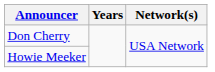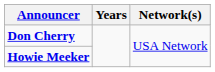 <table class="wikitable">
 <tr>
 <th><a href='#'>Announcer</a></th>
 <th>Years</th>
 <th>Network(s)</th>
 </tr>
 <tr>
-<td><a href='#'>Don Cherry</a></td>
+<td><strong><a href='#'>Don Cherry</a></strong></td>
 <td rowspan="2"></td>
 <td rowspan="2"><a href='#'>USA Network</a></td>
 </tr>
 <tr>
-<td><a href='#'>Howie Meeker</a></td>
+<td><strong><a href='#'>Howie Meeker</a></strong></td>
 </tr>
 </table>
